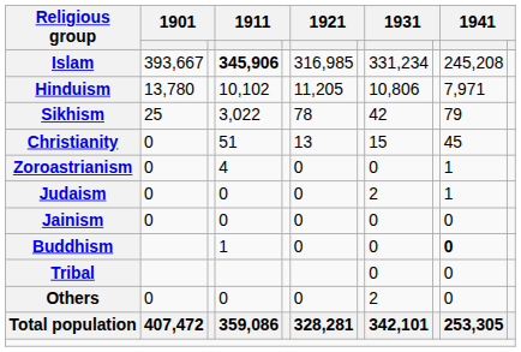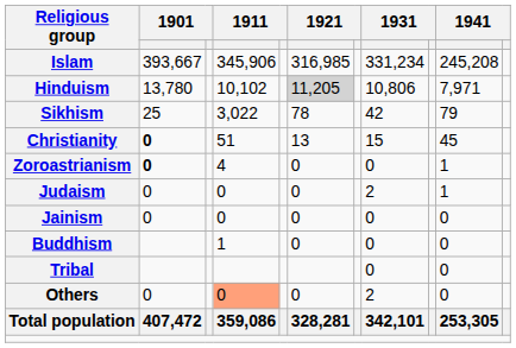 <table class="wikitable sortable">
 <tr>
 <th rowspan="2"><a href='#'>Religious</a><br>group</th>
 <th colspan="2">1901</th>
 <th colspan="2">1911</th>
 <th colspan="2">1921</th>
 <th colspan="2">1931</th>
 <th colspan="2">1941</th>
 </tr>
 <tr>
 <th><a href='#'></a></th>
 <th></th>
 <th></th>
 <th></th>
 <th></th>
 <th></th>
 <th></th>
 <th></th>
 <th></th>
 <th></th>
 </tr>
 <tr>
 <th><a href='#'>Islam</a> </th>
 <td>393,667</td>
 <td></td>
-<td><strong>345,906</strong></td>
+<td>345,906</td>
 <td></td>
 <td>316,985</td>
 <td></td>
 <td>331,234</td>
 <td></td>
 <td>245,208</td>
 <td></td>
 </tr>
 <tr>
 <th><a href='#'>Hinduism</a> </th>
 <td>13,780</td>
 <td></td>
 <td>10,102</td>
 <td></td>
-<td>11,205</td>
+<td style="background: lightgrey;">11,205</td>
 <td></td>
 <td>10,806</td>
 <td></td>
 <td>7,971</td>
 <td></td>
 </tr>
 <tr>
 <th><a href='#'>Sikhism</a> </th>
 <td>25</td>
 <td></td>
 <td>3,022</td>
 <td></td>
 <td>78</td>
 <td></td>
 <td>42</td>
 <td></td>
 <td>79</td>
 <td></td>
 </tr>
 <tr>
 <th><a href='#'>Christianity</a> </th>
-<td>0</td>
+<td><strong>0</strong></td>
 <td></td>
 <td>51</td>
 <td></td>
 <td>13</td>
 <td></td>
 <td>15</td>
 <td></td>
 <td>45</td>
 <td></td>
 </tr>
 <tr>
 <th><a href='#'>Zoroastrianism</a> </th>
-<td>0</td>
+<td><strong>0</strong></td>
 <td></td>
 <td>4</td>
 <td></td>
 <td>0</td>
 <td></td>
 <td>0</td>
 <td></td>
 <td>1</td>
 <td></td>
 </tr>
 <tr>
 <th><a href='#'>Judaism</a> </th>
 <td>0</td>
 <td></td>
 <td>0</td>
 <td></td>
 <td>0</td>
 <td></td>
 <td>2</td>
 <td></td>
 <td>1</td>
 <td></td>
 </tr>
 <tr>
 <th><a href='#'>Jainism</a> </th>
 <td>0</td>
 <td></td>
 <td>0</td>
 <td></td>
 <td>0</td>
 <td></td>
 <td>0</td>
 <td></td>
 <td>0</td>
 <td></td>
 </tr>
 <tr>
 <th><a href='#'>Buddhism</a> </th>
 <td></td>
 <td></td>
 <td>1</td>
 <td></td>
 <td>0</td>
 <td></td>
 <td>0</td>
 <td></td>
-<td><strong>0</strong></td>
+<td>0</td>
 <td></td>
 </tr>
 <tr>
 <th><a href='#'>Tribal</a></th>
 <td></td>
 <td></td>
 <td></td>
 <td></td>
 <td></td>
 <td></td>
 <td>0</td>
 <td></td>
 <td>0</td>
 <td></td>
 </tr>
 <tr>
 <th>Others</th>
 <td>0</td>
 <td></td>
-<td>0</td>
+<td style="background: lightsalmon;">0</td>
 <td></td>
 <td>0</td>
 <td></td>
 <td>2</td>
 <td></td>
 <td>0</td>
 <td></td>
 </tr>
 <tr>
 <th>Total population</th>
 <th>407,472</th>
 <th></th>
 <th>359,086</th>
 <th></th>
 <th>328,281</th>
 <th></th>
 <th>342,101</th>
 <th></th>
 <th>253,305</th>
 <th></th>
 </tr>
 <tr class="sortbottom">
 <td colspan="15"></td>
 </tr>
 </table>
